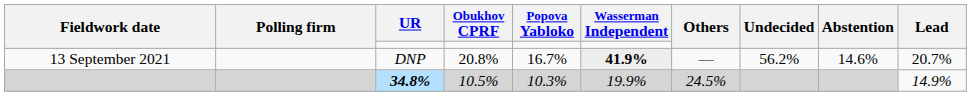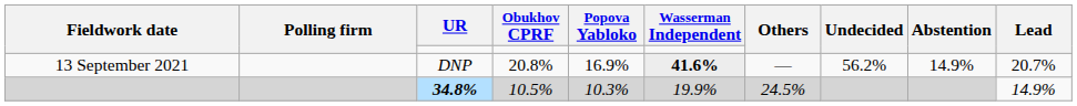 <table class="wikitable" style="font-size:95%; line-height:14px; text-align:center">
 <tr>
 <th rowspan="2" style="width:200px;">Fieldwork date</th>
 <th rowspan="2" style="width:150px;">Polling firm</th>
 <th style="width:60px;"><a href='#'>UR</a></th>
 <th style="width:60px;"><small><a href='#'>Obukhov</a></small><br><a href='#'>CPRF</a></th>
 <th style="width:60px;"><small><a href='#'>Popova</a></small><br><a href='#'>Yabloko</a></th>
 <th style="width:60px;"><small><a href='#'>Wasserman</a></small><br><a href='#'>Independent</a></th>
 <th rowspan="2" style="width:60px;">Others</th>
 <th rowspan="2" style="width:60px;">Undecided</th>
 <th rowspan="2" style="width:60px;">Abstention</th>
 <th rowspan="2" style="width:60px;">Lead</th>
 </tr>
 <tr>
 <td></td>
 <td></td>
 <td></td>
 <td></td>
 </tr>
 <tr>
 <td>13 September 2021</td>
 <td></td>
 <td><em>DNP</em></td>
 <td>20.8%</td>
-<td>16.7%</td>
-<td style="background:#ededed"><strong>41.9%</strong></td>
+<td>16.9%</td>
+<td style="background:#ededed"><strong>41.6%</strong></td>
 <td>—</td>
 <td>56.2%</td>
-<td>14.6%</td>
+<td>14.9%</td>
 <td style="background:">20.7%</td>
 </tr>
 <tr>
 <td style="background:#D5D5D5"></td>
 <td style="background:#D5D5D5"></td>
 <td style="background:#B3E0FF"><strong><em>34.8%</em></strong></td>
 <td style="background:#D5D5D5"><em>10.5%</em></td>
 <td style="background:#D5D5D5"><em>10.3%</em></td>
 <td style="background:#D5D5D5"><em>19.9%</em></td>
 <td style="background:#D5D5D5"><em>24.5%</em></td>
 <td style="background:#D5D5D5"></td>
 <td style="background:#D5D5D5"></td>
 <td style="background:"><em>14.9%</em></td>
 </tr>
 </table>
